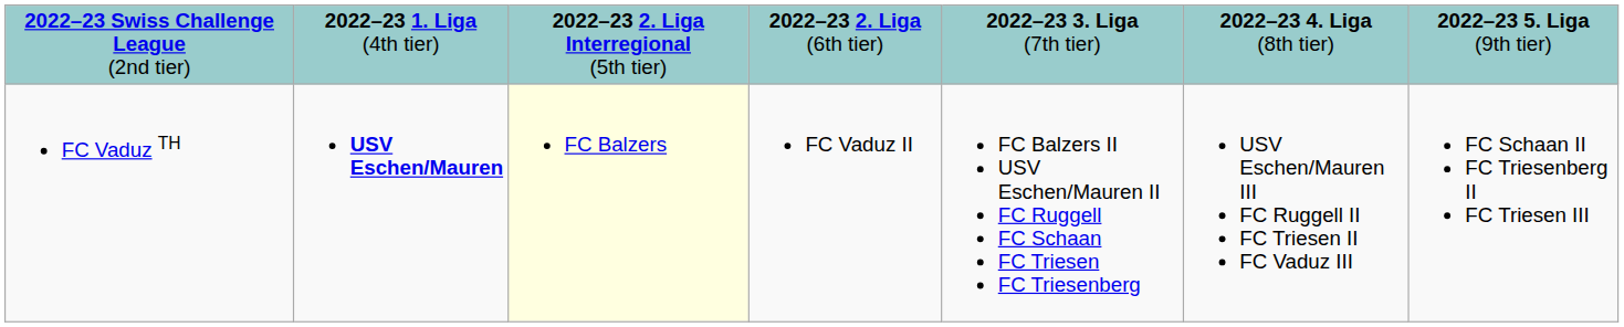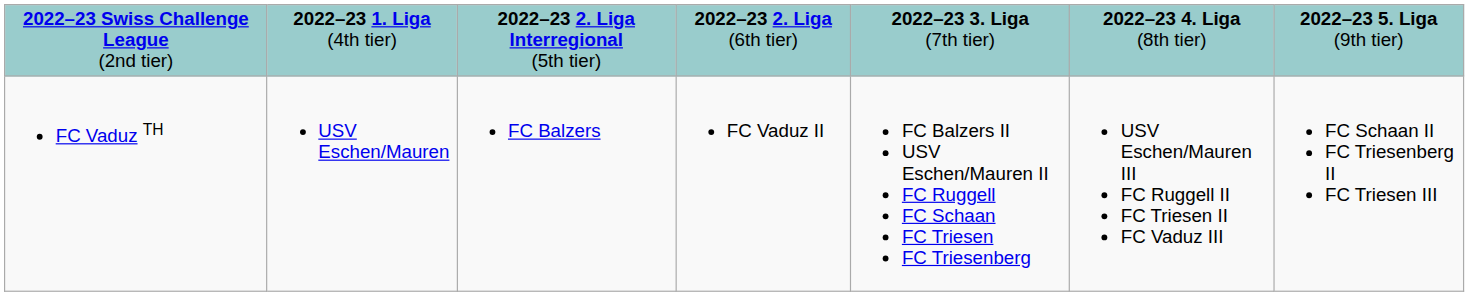 <table class="wikitable">
 <tr valign="top" bgcolor="#99CCCC">
 <td width="18%" align="center"><strong><a href='#'>2022–23 Swiss Challenge League</a></strong><br>(2nd tier)</td>
 <td width="13%" align="center"><strong>2022–23 <a href='#'>1. Liga</a></strong><br>(4th tier)</td>
 <td width="15%" align="center"><strong>2022–23 <a href='#'>2. Liga Interregional</a></strong><br>(5th tier)</td>
 <td width="12%" align="center"><strong>2022–23 <a href='#'>2. Liga</a></strong><br>(6th tier)</td>
 <td width="15%" align="center"><strong>2022–23 3. Liga</strong><br>(7th tier)</td>
 <td width="14%" align="center"><strong>2022–23 4. Liga</strong><br>(8th tier)</td>
 <td width="13%" align="center"><strong>2022–23 5. Liga</strong><br>(9th tier)</td>
 </tr>
 <tr valign="top">
 <td><br><ul><li><a href='#'>FC Vaduz</a> <sup>TH</sup></li></ul></td>
-<td><strong><br><ul><li><a href='#'>USV Eschen/Mauren</a></li></ul></strong></td>
-<td style="background: lightyellow;"><br><ul><li><a href='#'>FC Balzers</a></li></ul></td>
+<td><br><ul><li><a href='#'>USV Eschen/Mauren</a></li></ul></td>
+<td><br><ul><li><a href='#'>FC Balzers</a></li></ul></td>
 <td><br><ul><li>FC Vaduz II</li></ul></td>
 <td><br><ul><li>FC Balzers II</li><li>USV Eschen/Mauren II</li><li><a href='#'>FC Ruggell</a></li><li><a href='#'>FC Schaan</a></li><li><a href='#'>FC Triesen</a></li><li><a href='#'>FC Triesenberg</a></li></ul></td>
 <td><br><ul><li>USV Eschen/Mauren III</li><li>FC Ruggell II</li><li>FC Triesen II</li><li>FC Vaduz III</li></ul></td>
 <td><br><ul><li>FC Schaan II</li><li>FC Triesenberg II</li><li>FC Triesen III</li></ul></td>
 </tr>
 </table>
